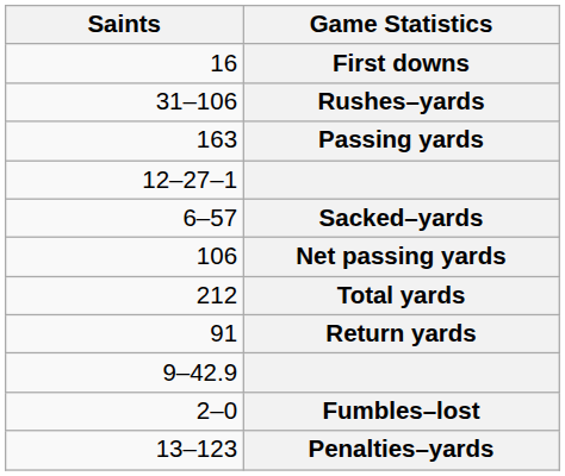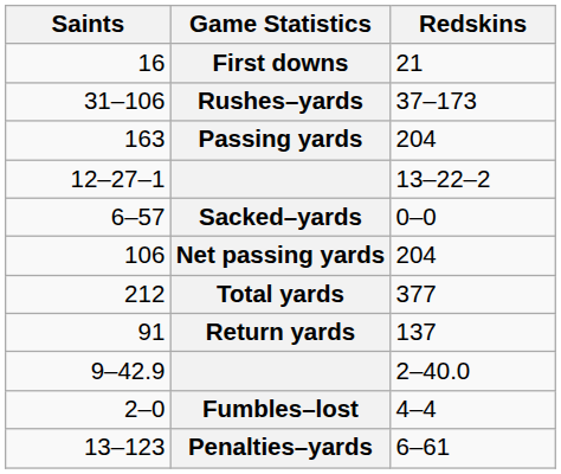 <table class="wikitable" style="margin: 1em auto 1em auto">
 <tr>
 <th style="width:30%;">Saints</th>
 <th style="width:40%;">Game Statistics</th>
+<th style="width:30%;">Redskins</th>
 </tr>
 <tr>
 <td style="text-align:right;">16</td>
 <th>First downs</th>
+<td>21</td>
 </tr>
 <tr>
 <td style="text-align:right;">31–106</td>
 <th>Rushes–yards</th>
+<td>37–173</td>
 </tr>
 <tr>
 <td style="text-align:right;">163</td>
 <th>Passing yards</th>
+<td>204</td>
 </tr>
 <tr>
 <td style="text-align:right;">12–27–1</td>
 <th></th>
+<td>13–22–2</td>
 </tr>
 <tr>
 <td style="text-align:right;">6–57</td>
 <th>Sacked–yards</th>
+<td>0–0</td>
 </tr>
 <tr>
 <td style="text-align:right;">106</td>
 <th>Net passing yards</th>
+<td>204</td>
 </tr>
 <tr>
 <td style="text-align:right;">212</td>
 <th>Total yards</th>
+<td>377</td>
 </tr>
 <tr>
 <td style="text-align:right;">91</td>
 <th>Return yards</th>
+<td>137</td>
 </tr>
 <tr>
 <td style="text-align:right;">9–42.9</td>
 <th></th>
+<td>2–40.0</td>
 </tr>
 <tr>
 <td style="text-align:right;">2–0</td>
 <th>Fumbles–lost</th>
+<td>4–4</td>
 </tr>
 <tr>
 <td style="text-align:right;">13–123</td>
 <th>Penalties–yards</th>
+<td>6–61</td>
 </tr>
 </table>
